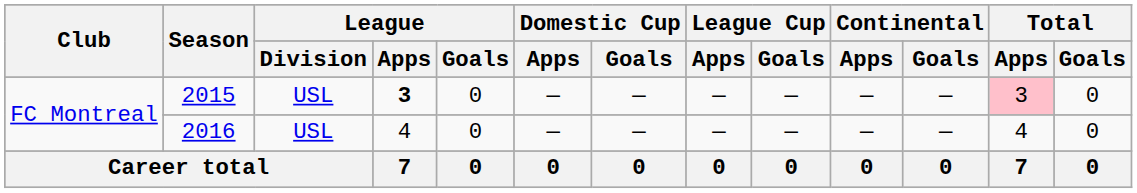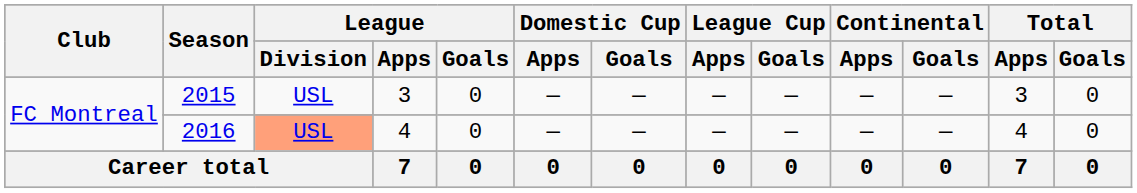 <table class="wikitable" style="text-align: center;">
 <tr>
 <th rowspan="2">Club</th>
 <th rowspan="2">Season</th>
 <th colspan="3">League</th>
 <th colspan="2">Domestic Cup</th>
 <th colspan="2">League Cup</th>
 <th colspan="2">Continental</th>
 <th colspan="2">Total</th>
 </tr>
 <tr>
 <th>Division</th>
 <th>Apps</th>
 <th>Goals</th>
 <th>Apps</th>
 <th>Goals</th>
 <th>Apps</th>
 <th>Goals</th>
 <th>Apps</th>
 <th>Goals</th>
 <th>Apps</th>
 <th>Goals</th>
 </tr>
 <tr>
 <td rowspan="2"><a href='#'>FC Montreal</a></td>
 <td><a href='#'>2015</a></td>
 <td><a href='#'>USL</a></td>
-<td><strong>3</strong></td>
+<td>3</td>
 <td>0</td>
 <td>—</td>
 <td>—</td>
 <td>—</td>
 <td>—</td>
 <td>—</td>
 <td>—</td>
-<td style="background: pink;">3</td>
+<td>3</td>
 <td>0</td>
 </tr>
 <tr>
 <td><a href='#'>2016</a></td>
-<td><a href='#'>USL</a></td>
+<td style="background: lightsalmon;"><a href='#'>USL</a></td>
 <td>4</td>
 <td>0</td>
 <td>—</td>
 <td>—</td>
 <td>—</td>
 <td>—</td>
 <td>—</td>
 <td>—</td>
 <td>4</td>
 <td>0</td>
 </tr>
 <tr>
 <th colspan="3">Career total</th>
 <th>7</th>
 <th>0</th>
 <th>0</th>
 <th>0</th>
 <th>0</th>
 <th>0</th>
 <th>0</th>
 <th>0</th>
 <th>7</th>
 <th>0</th>
 </tr>
 </table>
